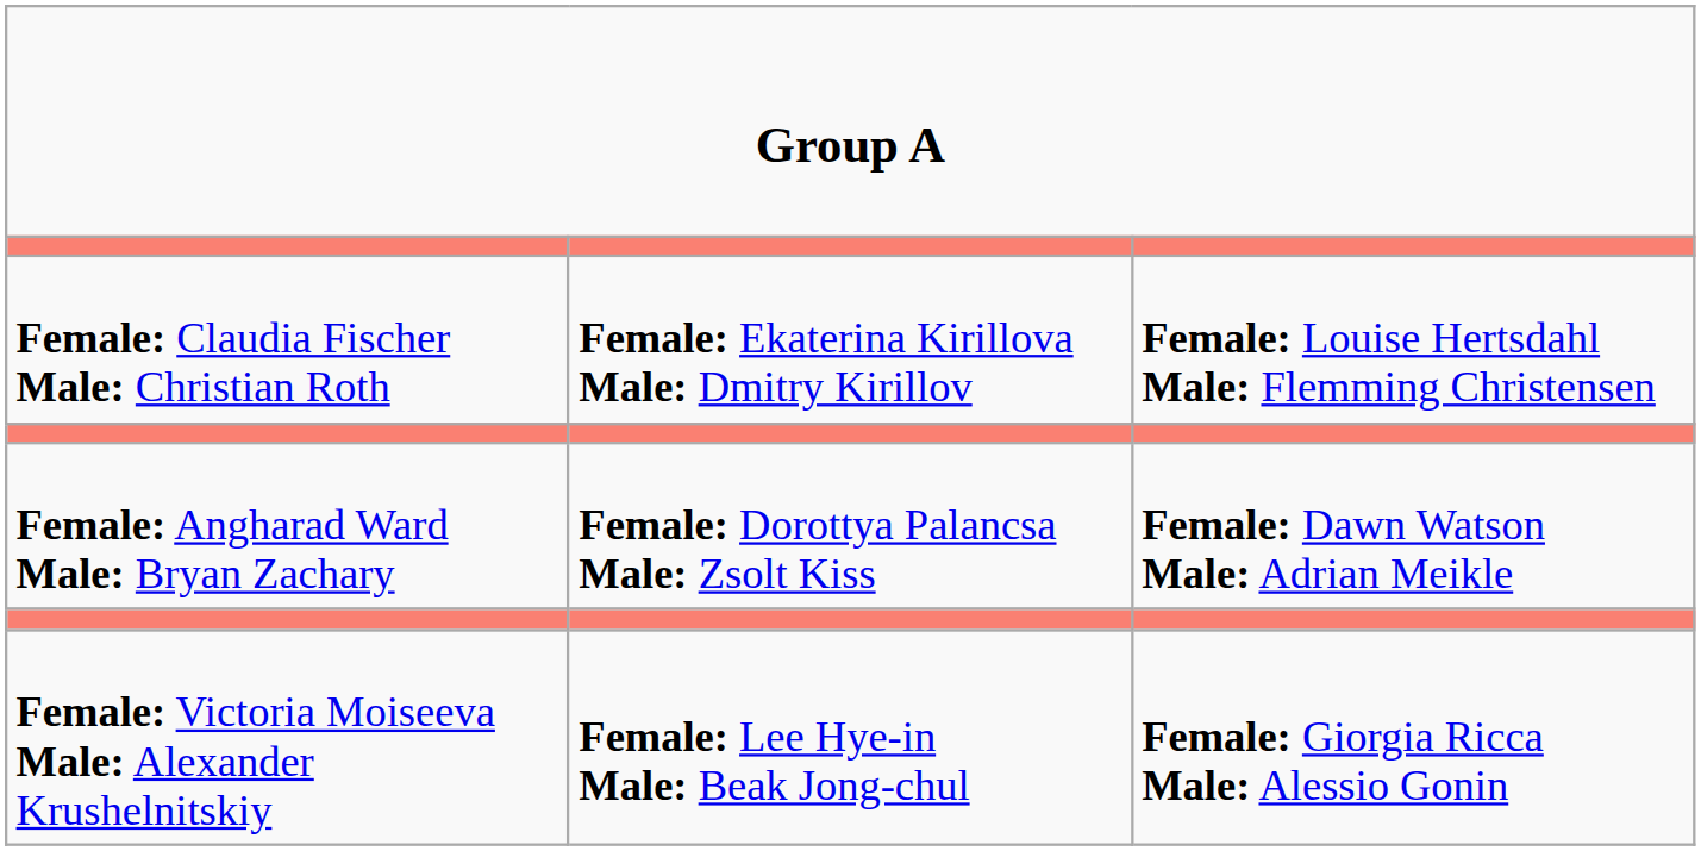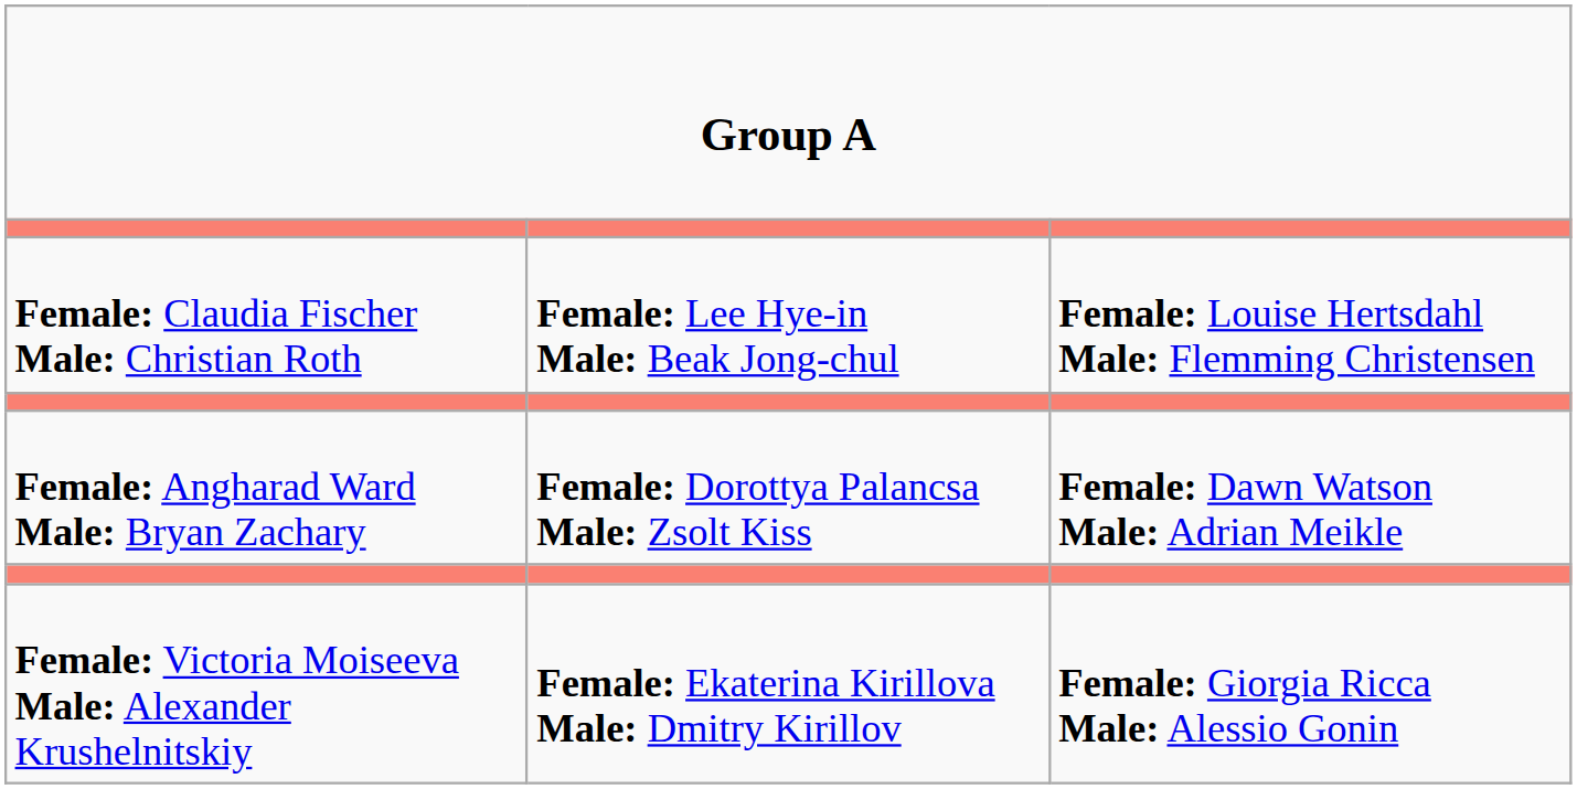 <table class="wikitable">
 <tr>
 <td align=center colspan="3"><br><h3>Group A</h3></td>
 </tr>
 <tr>
 <th style="background: #FA8072;" width=200></th>
 <th style="background: #FA8072;" width=200></th>
 <th style="background: #FA8072;" width=200></th>
 </tr>
 <tr>
 <td><br><strong>Female:</strong> <a href='#'>Claudia Fischer</a><br> <strong>Male:</strong> <a href='#'>Christian Roth</a></td>
-<td><br><strong>Female:</strong> <a href='#'>Ekaterina Kirillova</a><br> <strong>Male:</strong> <a href='#'>Dmitry Kirillov</a><br></td>
+<td><br><strong>Female:</strong> <a href='#'>Lee Hye-in</a><br> <strong>Male:</strong> <a href='#'>Beak Jong-chul</a></td>
 <td><br><strong>Female:</strong> <a href='#'>Louise Hertsdahl</a><br> <strong>Male:</strong> <a href='#'>Flemming Christensen</a></td>
 </tr>
 <tr>
 <th style="background: #FA8072;" width=200></th>
 <th style="background: #FA8072;" width=200></th>
 <th style="background: #FA8072;" width=200></th>
 </tr>
 <tr>
 <td><br><strong>Female:</strong> <a href='#'>Angharad Ward</a><br> <strong>Male:</strong> <a href='#'>Bryan Zachary</a></td>
 <td><br><strong>Female:</strong> <a href='#'>Dorottya Palancsa</a><br> <strong>Male:</strong> <a href='#'>Zsolt Kiss</a></td>
 <td><br><strong>Female:</strong> <a href='#'>Dawn Watson</a><br> <strong>Male:</strong> <a href='#'>Adrian Meikle</a><br></td>
 </tr>
 <tr>
 <th style="background: #FA8072;" width=200></th>
 <th style="background: #FA8072;" width=200></th>
 <th style="background: #FA8072;" width=200></th>
 </tr>
 <tr>
 <td><br><strong>Female:</strong> <a href='#'>Victoria Moiseeva</a><br> <strong>Male:</strong> <a href='#'>Alexander Krushelnitskiy</a></td>
-<td><br><strong>Female:</strong> <a href='#'>Lee Hye-in</a><br> <strong>Male:</strong> <a href='#'>Beak Jong-chul</a></td>
+<td><br><strong>Female:</strong> <a href='#'>Ekaterina Kirillova</a><br> <strong>Male:</strong> <a href='#'>Dmitry Kirillov</a><br></td>
 <td><br><strong>Female:</strong> <a href='#'>Giorgia Ricca</a><br> <strong>Male:</strong> <a href='#'>Alessio Gonin</a></td>
 </tr>
 </table>
